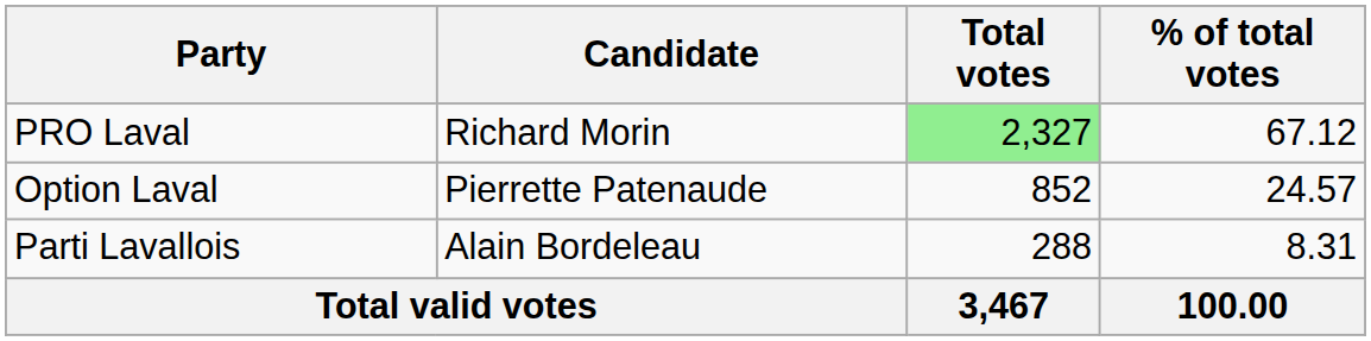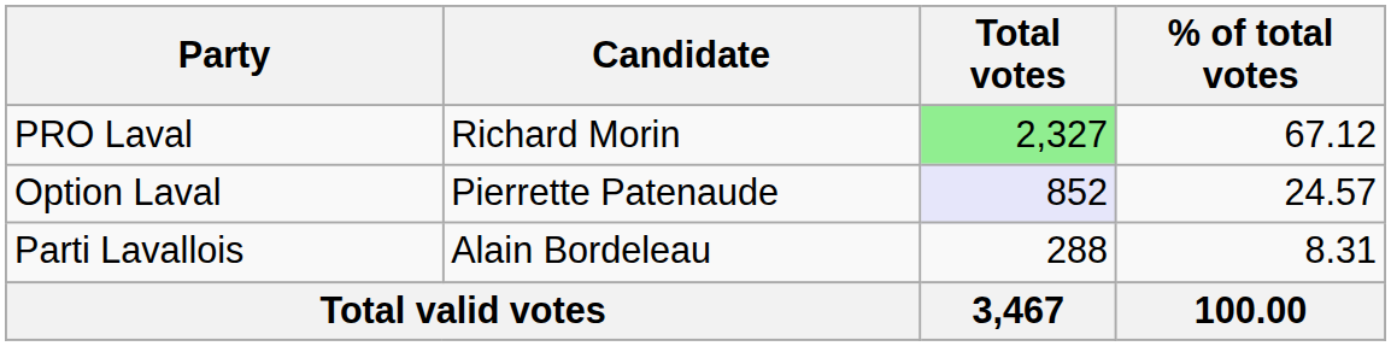 <table style="width:600px;" class="wikitable">
 <tr style="background-color:#E9E9E9">
 <th colspan="2" style="width: 200px">Party</th>
 <th colspan="1" style="width: 200px">Candidate</th>
 <th align="right">Total votes</th>
 <th align="right">% of total votes</th>
 </tr>
 <tr>
 <td colspan="2" align="left">PRO Laval</td>
 <td align="left">Richard Morin</td>
 <td align="right" style="background: lightgreen;">2,327</td>
 <td align="right">67.12</td>
 </tr>
 <tr>
 <td colspan="2" align="left">Option Laval</td>
 <td align="left">Pierrette Patenaude</td>
-<td align="right">852</td>
+<td align="right" style="background: lavender;">852</td>
 <td align="right">24.57</td>
 </tr>
 <tr>
 <td colspan="2" align="left">Parti Lavallois</td>
 <td align="left">Alain Bordeleau</td>
 <td align="right">288</td>
 <td align="right">8.31</td>
 </tr>
 <tr bgcolor="#EEEEEE">
 <th colspan="3"  align="left">Total valid votes</th>
 <th align="right">3,467</th>
 <th align="right">100.00</th>
 </tr>
 </table>
